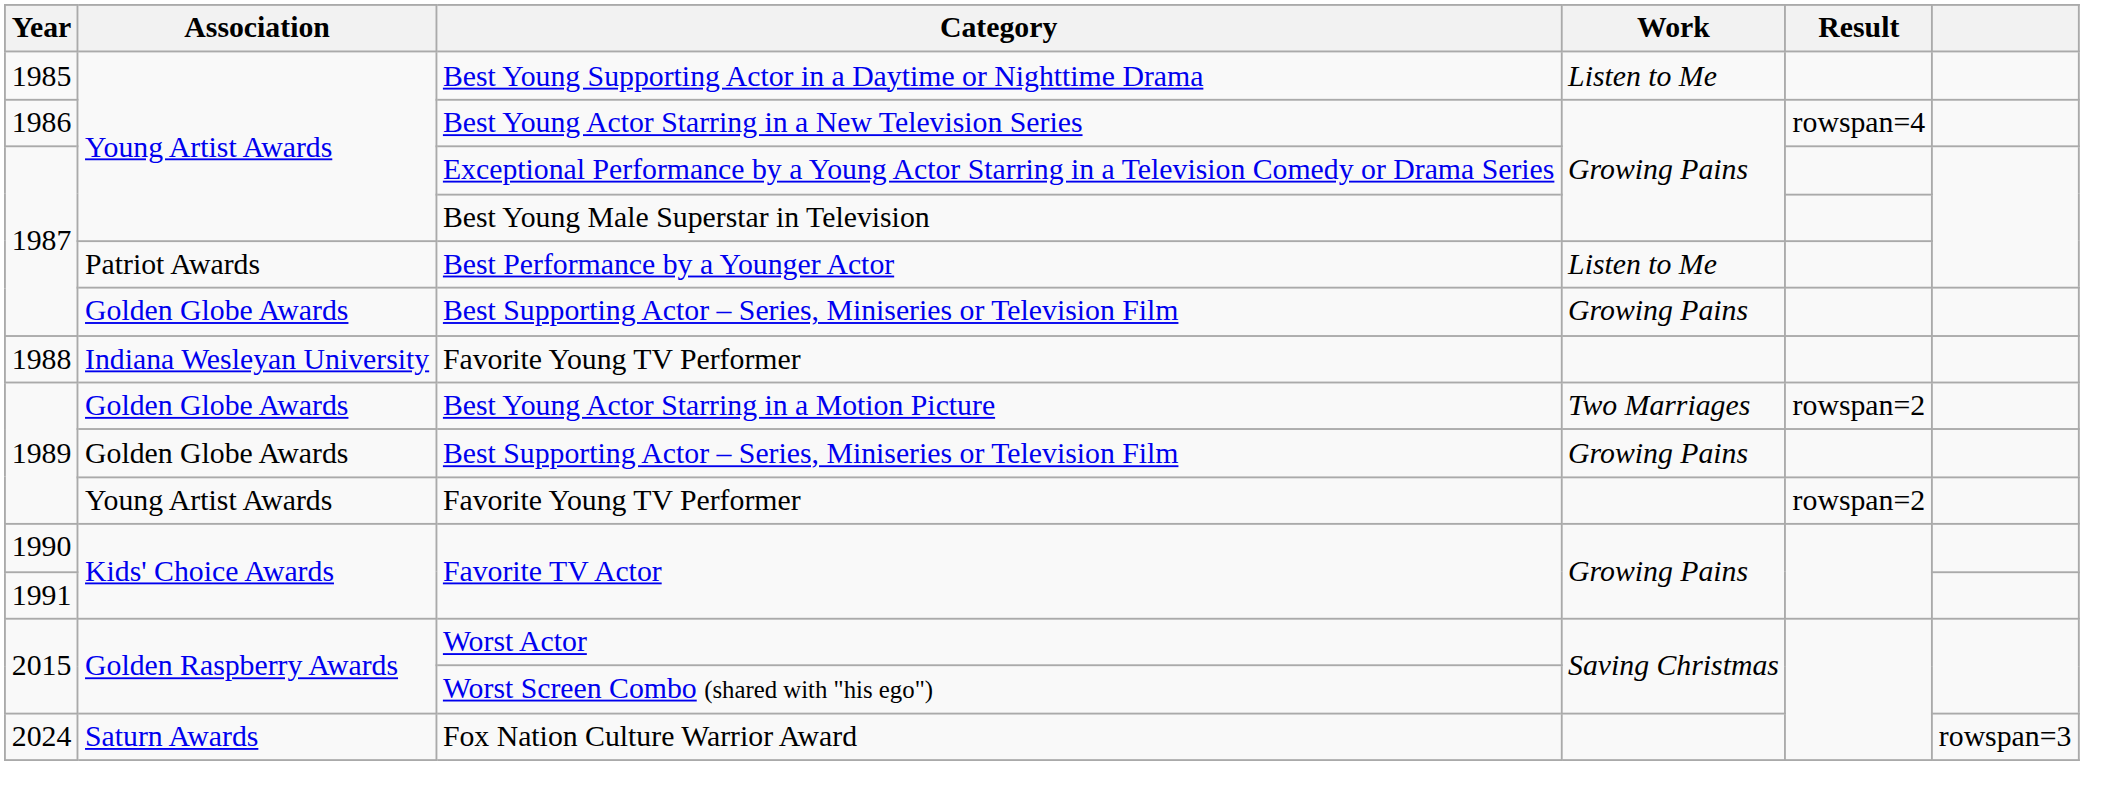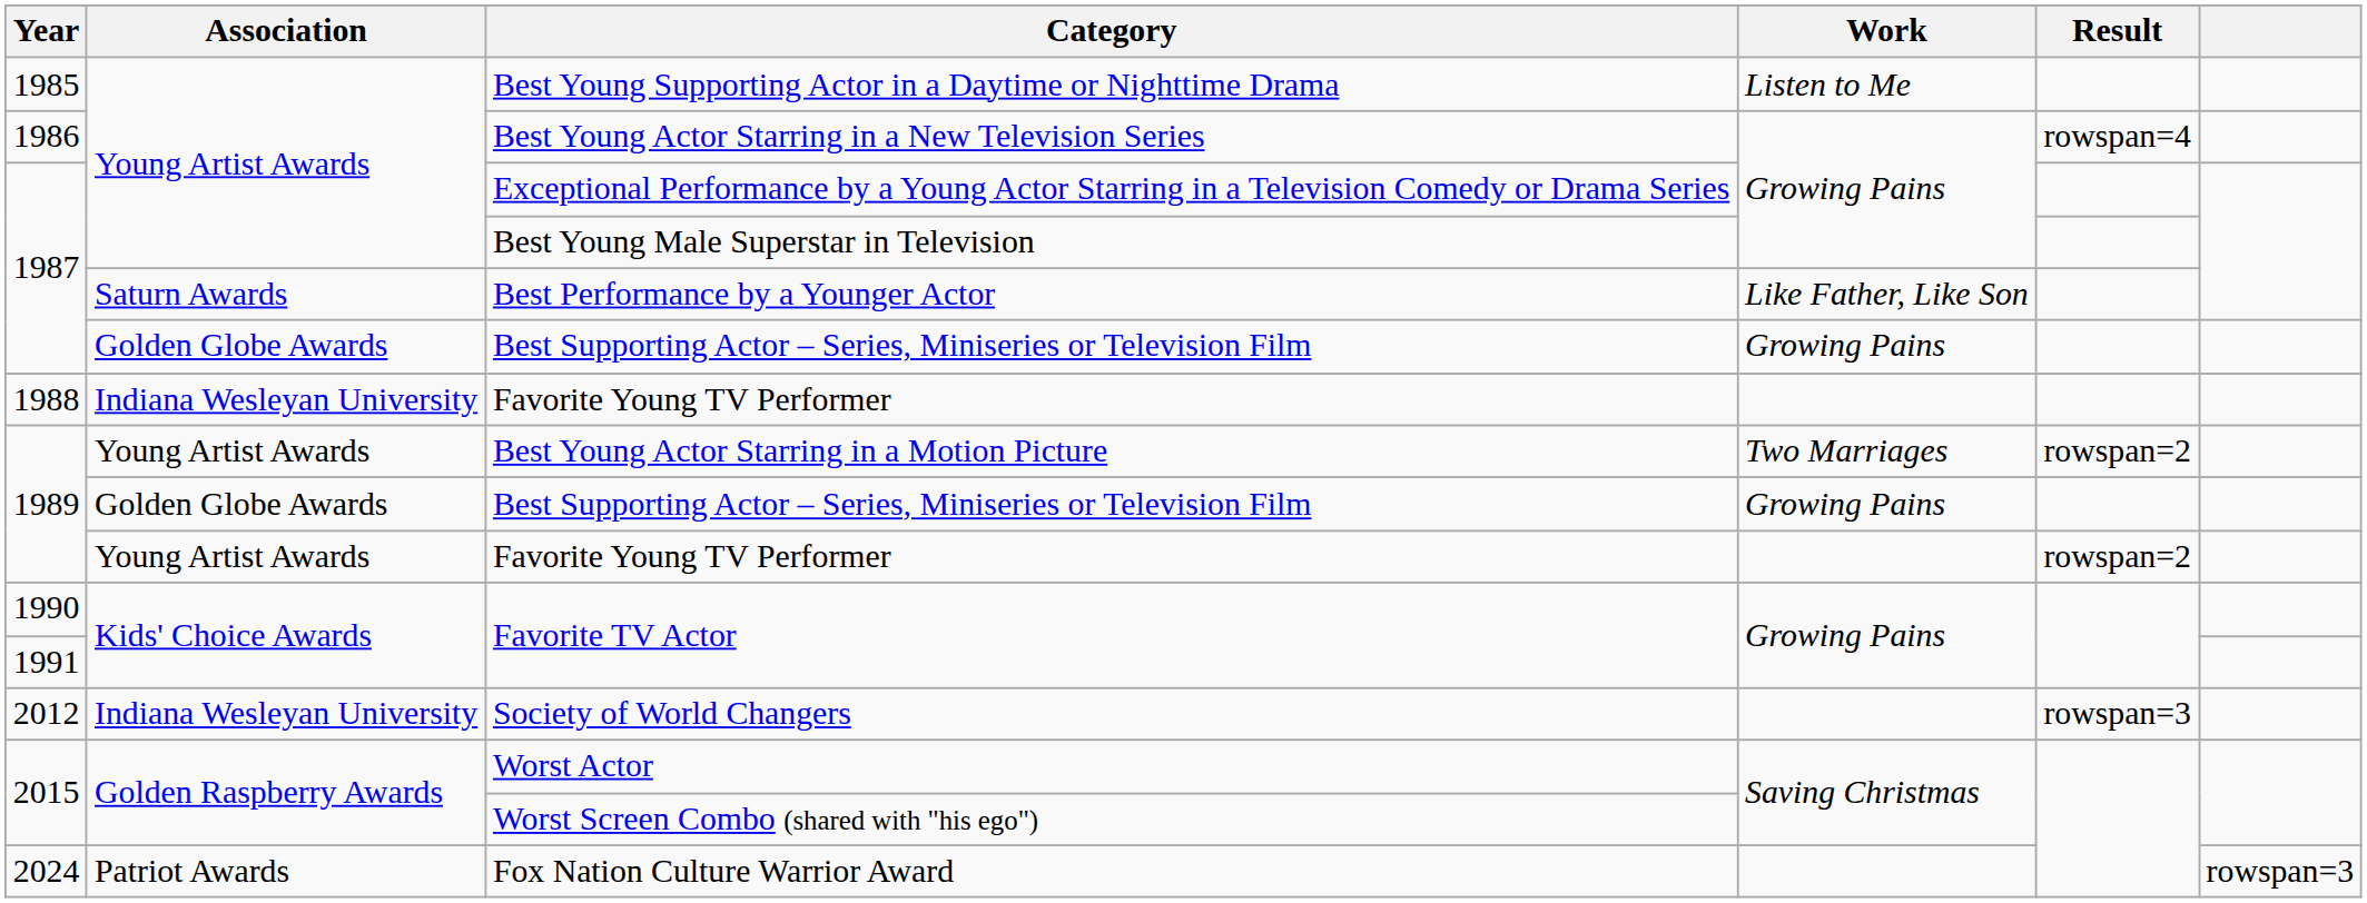 <table class="wikitable sortable">
 <tr>
 <th>Year</th>
 <th>Association</th>
 <th>Category</th>
 <th>Work</th>
 <th>Result</th>
 <th class="unsortable"></th>
 </tr>
 <tr>
 <td>1985</td>
 <td rowspan=4><a href='#'>Young Artist Awards</a></td>
 <td><a href='#'>Best Young Supporting Actor in a Daytime or Nighttime Drama</a></td>
 <td><em>Listen to Me</em></td>
 <td></td>
 <td></td>
 </tr>
 <tr>
 <td>1986</td>
 <td><a href='#'>Best Young Actor Starring in a New Television Series</a></td>
 <td rowspan=3><em>Growing Pains</em></td>
 <td>rowspan=4 </td>
 <td></td>
 </tr>
 <tr>
 <td rowspan=4>1987</td>
 <td><a href='#'>Exceptional Performance by a Young Actor Starring in a Television Comedy or Drama Series</a></td>
 <td></td>
 </tr>
 <tr>
 <td>Best Young Male Superstar in Television</td>
 <td></td>
 </tr>
 <tr>
-<td>Patriot Awards</td>
+<td><a href='#'>Saturn Awards</a></td>
 <td><a href='#'>Best Performance by a Younger Actor</a></td>
-<td><em>Listen to Me</em></td>
+<td><em>Like Father, Like Son</em></td>
 <td></td>
 </tr>
 <tr>
 <td><a href='#'>Golden Globe Awards</a></td>
 <td><a href='#'>Best Supporting Actor – Series, Miniseries or Television Film</a></td>
 <td><em>Growing Pains</em></td>
 <td></td>
 <td></td>
 </tr>
 <tr>
 <td>1988</td>
 <td><a href='#'>Indiana Wesleyan University</a></td>
 <td>Favorite Young TV Performer</td>
 <td></td>
 <td></td>
 <td></td>
 </tr>
 <tr>
 <td rowspan=3>1989</td>
-<td><a href='#'>Golden Globe Awards</a></td>
+<td>Young Artist Awards</td>
 <td><a href='#'>Best Young Actor Starring in a Motion Picture</a></td>
 <td><em>Two Marriages</em></td>
 <td>rowspan=2 </td>
 <td></td>
 </tr>
 <tr>
 <td>Golden Globe Awards</td>
 <td><a href='#'>Best Supporting Actor – Series, Miniseries or Television Film</a></td>
 <td><em>Growing Pains</em></td>
 <td></td>
 </tr>
 <tr>
 <td>Young Artist Awards</td>
 <td>Favorite Young TV Performer</td>
 <td></td>
 <td>rowspan=2 </td>
 <td></td>
 </tr>
 <tr>
 <td>1990</td>
 <td rowspan=2><a href='#'>Kids' Choice Awards</a></td>
 <td rowspan="2"><a href='#'>Favorite TV Actor</a></td>
 <td rowspan=2><em>Growing Pains</em></td>
 <td rowspan="2"></td>
 </tr>
 <tr>
 <td>1991</td>
 <td></td>
 </tr>
 <tr>
+<td>2012</td>
+<td><a href='#'>Indiana Wesleyan University</a></td>
+<td><a href='#'>Society of World Changers</a></td>
+<td></td>
+<td>rowspan=3 </td>
+<td></td>
+</tr>
+<tr>
 <td rowspan=2>2015</td>
 <td rowspan=2><a href='#'>Golden Raspberry Awards</a></td>
 <td><a href='#'>Worst Actor</a></td>
 <td rowspan=2><em>Saving Christmas</em></td>
 <td rowspan="3"></td>
 </tr>
 <tr>
 <td><a href='#'>Worst Screen Combo</a> <small>(shared with "his ego")</small></td>
 </tr>
 <tr>
 <td>2024</td>
-<td><a href='#'>Saturn Awards</a></td>
+<td>Patriot Awards</td>
 <td>Fox Nation Culture Warrior Award</td>
 <td></td>
 <td>rowspan=3 </td>
 </tr>
 </table>
